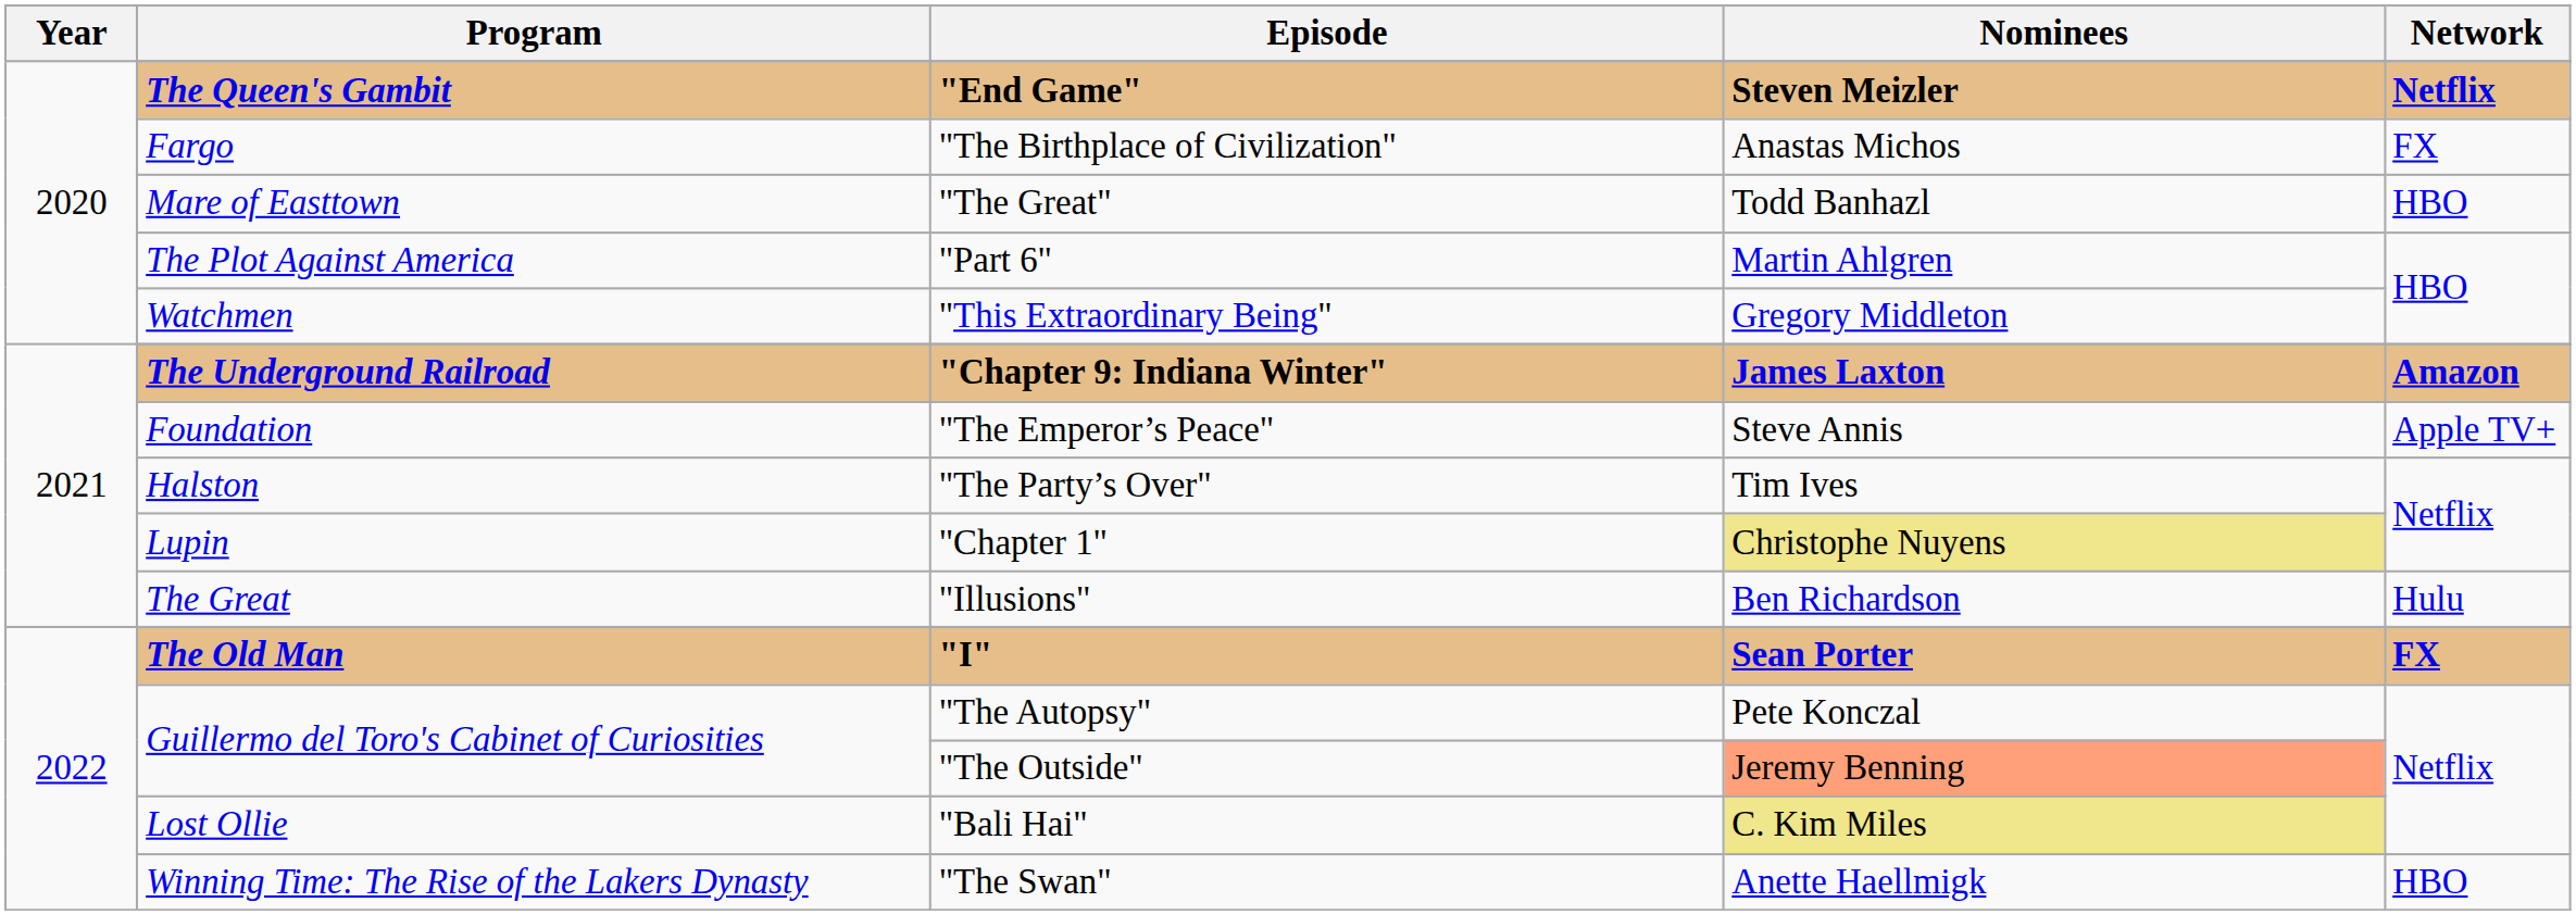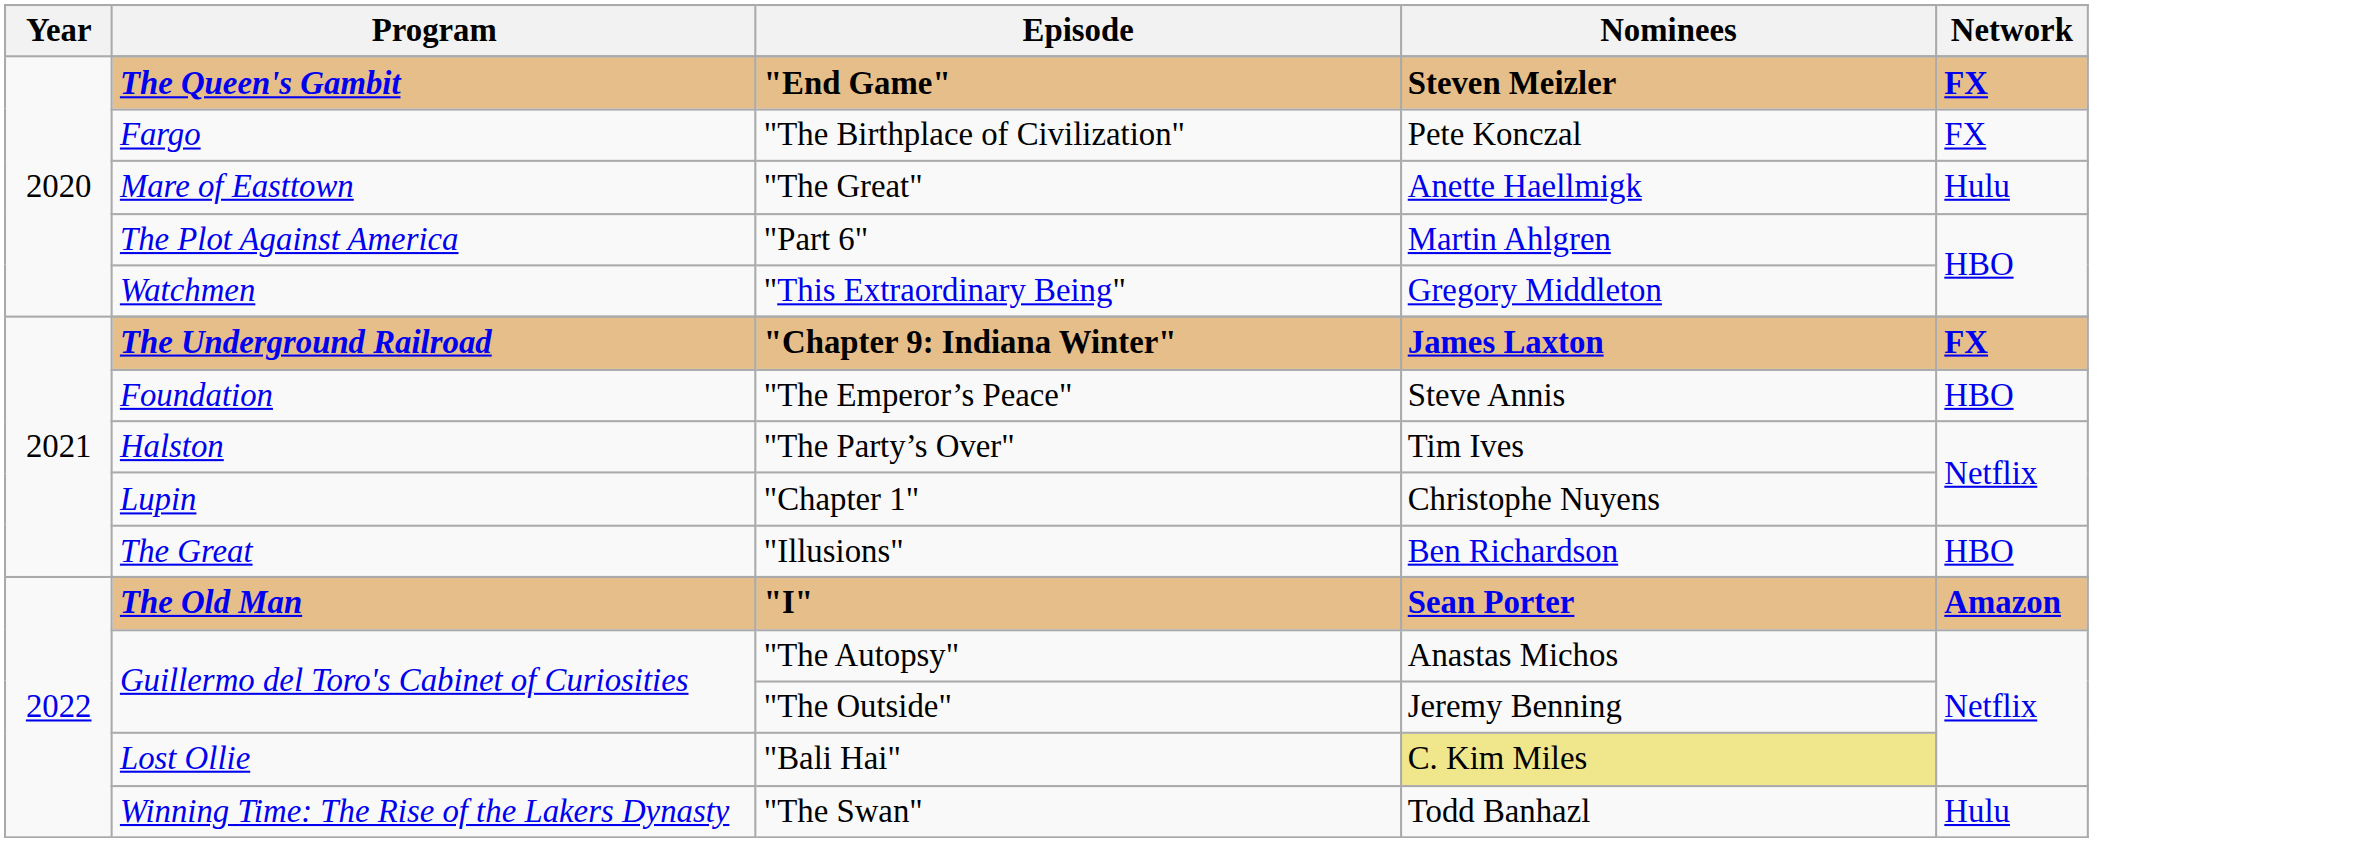 <table class="wikitable">
 <tr>
 <th width="5%">Year</th>
 <th width="30%">Program</th>
 <th width="30%">Episode</th>
 <th width="25%">Nominees</th>
 <th width="7%">Network</th>
 </tr>
 <tr>
 <td rowspan="6" style="text-align:center;">2020<br></td>
 </tr>
 <tr style="background:#E6BE8A;">
 <td><strong><em><a href='#'>The Queen's Gambit</a></em></strong></td>
 <td><strong>"End Game"</strong></td>
 <td><strong>Steven Meizler</strong></td>
-<td><strong><a href='#'>Netflix</a></strong></td>
+<td><strong><a href='#'>FX</a></strong></td>
 </tr>
 <tr>
 <td><em><a href='#'>Fargo</a></em></td>
 <td>"The Birthplace of Civilization"</td>
-<td>Anastas Michos</td>
+<td>Pete Konczal</td>
 <td><a href='#'>FX</a></td>
 </tr>
 <tr>
 <td><em><a href='#'>Mare of Easttown</a></em></td>
 <td>"The Great"</td>
-<td>Todd Banhazl</td>
-<td><a href='#'>HBO</a></td>
+<td><a href='#'>Anette Haellmigk</a></td>
+<td><a href='#'>Hulu</a></td>
 </tr>
 <tr>
 <td><em><a href='#'>The Plot Against America</a></em></td>
 <td>"Part 6"</td>
 <td><a href='#'>Martin Ahlgren</a></td>
 <td rowspan="2"><a href='#'>HBO</a></td>
 </tr>
 <tr>
 <td><em><a href='#'>Watchmen</a></em></td>
 <td>"<a href='#'>This Extraordinary Being</a>"</td>
 <td><a href='#'>Gregory Middleton</a></td>
 </tr>
 <tr>
 <td rowspan="6" style="text-align:center;">2021<br></td>
 </tr>
 <tr style="background:#E6BE8A;">
 <td><strong><em><a href='#'>The Underground Railroad</a></em></strong></td>
 <td><strong>"Chapter 9: Indiana Winter"</strong></td>
 <td><strong><a href='#'>James Laxton</a></strong></td>
-<td><strong><a href='#'>Amazon</a></strong></td>
+<td><strong><a href='#'>FX</a></strong></td>
 </tr>
 <tr>
 <td><em><a href='#'>Foundation</a></em></td>
 <td>"The Emperor’s Peace"</td>
 <td>Steve Annis</td>
-<td><a href='#'>Apple TV+</a></td>
+<td><a href='#'>HBO</a></td>
 </tr>
 <tr>
 <td><em><a href='#'>Halston</a></em></td>
 <td>"The Party’s Over"</td>
 <td>Tim Ives</td>
 <td rowspan="2"><a href='#'>Netflix</a></td>
 </tr>
 <tr>
 <td><em><a href='#'>Lupin</a></em></td>
 <td>"Chapter 1"</td>
-<td style="background: khaki;">Christophe Nuyens</td>
+<td>Christophe Nuyens</td>
 </tr>
 <tr>
 <td><em><a href='#'>The Great</a></em></td>
 <td>"Illusions"</td>
 <td><a href='#'>Ben Richardson</a></td>
-<td><a href='#'>Hulu</a></td>
+<td><a href='#'>HBO</a></td>
 </tr>
 <tr>
 <td rowspan="6" style="text-align:center;"><a href='#'>2022</a> <br></td>
 </tr>
 <tr style="background:#E6BE8A;">
 <td><strong><em><a href='#'>The Old Man</a></em></strong></td>
 <td><strong>"I"</strong></td>
 <td><strong><a href='#'>Sean Porter</a></strong></td>
-<td><strong><a href='#'>FX</a></strong></td>
+<td><strong><a href='#'>Amazon</a></strong></td>
 </tr>
 <tr>
 <td rowspan="2"><em><a href='#'>Guillermo del Toro's Cabinet of Curiosities</a></em></td>
 <td>"The Autopsy"</td>
-<td>Pete Konczal</td>
+<td>Anastas Michos</td>
 <td rowspan="3"><a href='#'>Netflix</a></td>
 </tr>
 <tr>
 <td>"The Outside"</td>
-<td style="background: lightsalmon;">Jeremy Benning</td>
+<td>Jeremy Benning</td>
 </tr>
 <tr>
 <td><em><a href='#'>Lost Ollie</a></em></td>
 <td>"Bali Hai"</td>
 <td style="background: khaki;">C. Kim Miles</td>
 </tr>
 <tr>
 <td><em><a href='#'>Winning Time: The Rise of the Lakers Dynasty</a></em></td>
 <td>"The Swan"</td>
-<td><a href='#'>Anette Haellmigk</a></td>
-<td><a href='#'>HBO</a></td>
+<td>Todd Banhazl</td>
+<td><a href='#'>Hulu</a></td>
 </tr>
 </table>
